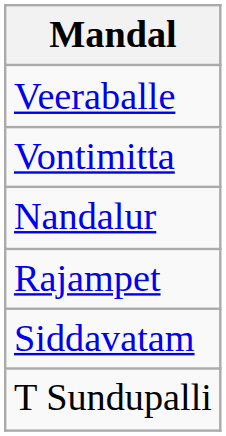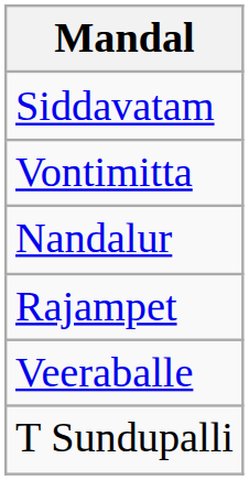 <table class="wikitable sortable static-row-numbers static-row-header-hash">
 <tr>
 <th>Mandal</th>
 </tr>
 <tr>
-<td><a href='#'>Veeraballe</a></td>
+<td><a href='#'>Siddavatam</a></td>
 </tr>
 <tr>
 <td><a href='#'>Vontimitta</a></td>
 </tr>
 <tr>
 <td><a href='#'>Nandalur</a></td>
 </tr>
 <tr>
 <td><a href='#'>Rajampet</a></td>
 </tr>
 <tr>
-<td><a href='#'>Siddavatam</a></td>
+<td><a href='#'>Veeraballe</a></td>
 </tr>
 <tr>
 <td>T Sundupalli</td>
 </tr>
 </table>
